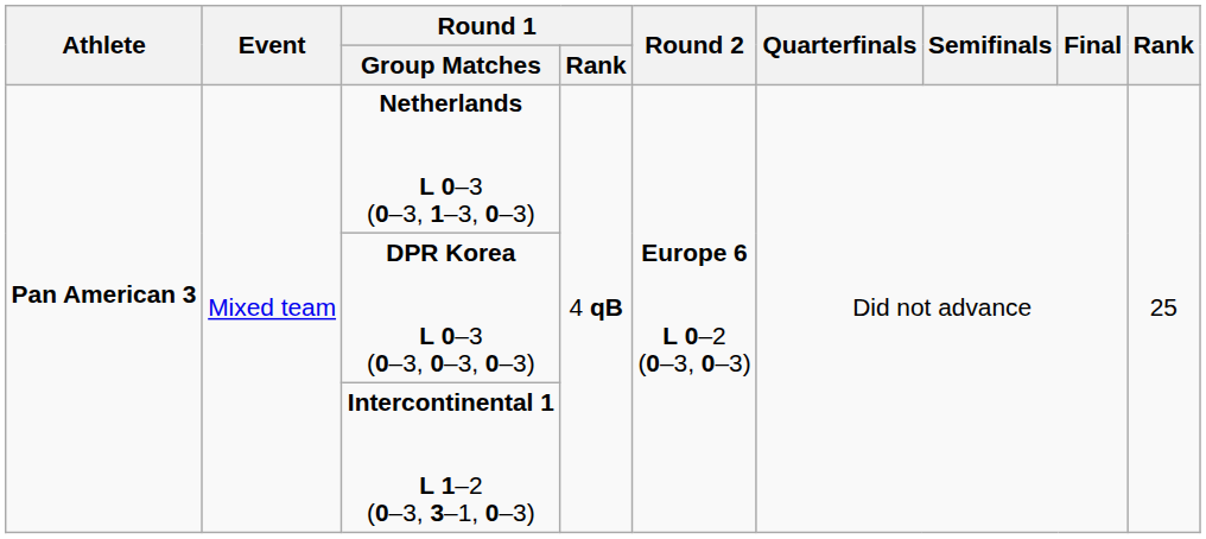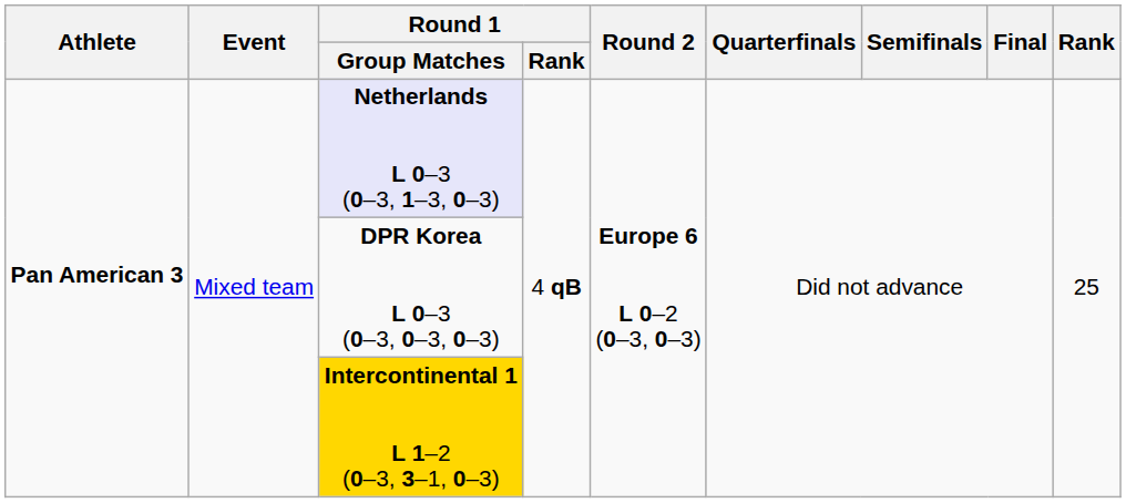 <table class="wikitable" border="1" style="font-size:90%">
 <tr>
 <th rowspan=2>Athlete</th>
 <th rowspan=2>Event</th>
 <th colspan=2>Round 1</th>
 <th rowspan=2>Round 2</th>
 <th rowspan=2>Quarterfinals</th>
 <th rowspan=2>Semifinals</th>
 <th rowspan=2>Final</th>
 <th rowspan=2>Rank</th>
 </tr>
 <tr>
 <th>Group Matches</th>
 <th>Rank</th>
 </tr>
 <tr>
 <td rowspan=3><strong>Pan American 3</strong><br><br></td>
 <td rowspan=3><a href='#'>Mixed team</a></td>
-<td align=center><strong>Netherlands</strong><br><br><br> <strong>L</strong> <strong>0</strong>–3 <br> (<strong>0</strong>–3, <strong>1</strong>–3, <strong>0</strong>–3)</td>
+<td align=center style="background: lavender;"><strong>Netherlands</strong><br><br><br> <strong>L</strong> <strong>0</strong>–3 <br> (<strong>0</strong>–3, <strong>1</strong>–3, <strong>0</strong>–3)</td>
 <td rowspan=3 align=center>4 <strong>qB</strong></td>
 <td align=center rowspan=3><strong>Europe 6</strong><br><br><br> <strong>L</strong> <strong>0</strong>–2 <br> (<strong>0</strong>–3, <strong>0</strong>–3)</td>
 <td rowspan=3 colspan=3 align=center>Did not advance</td>
 <td rowspan=3 align=center>25</td>
 </tr>
 <tr>
 <td align=center><strong>DPR Korea</strong><br><br><br> <strong>L</strong> <strong>0</strong>–3 <br> (<strong>0</strong>–3, <strong>0</strong>–3, <strong>0</strong>–3)</td>
 </tr>
 <tr>
-<td align=center><strong>Intercontinental 1</strong><br><br><br> <strong>L</strong> <strong>1</strong>–2 <br> (<strong>0</strong>–3, <strong>3</strong>–1, <strong>0</strong>–3)</td>
+<td align=center style="background: gold;"><strong>Intercontinental 1</strong><br><br><br> <strong>L</strong> <strong>1</strong>–2 <br> (<strong>0</strong>–3, <strong>3</strong>–1, <strong>0</strong>–3)</td>
 </tr>
 </table>
